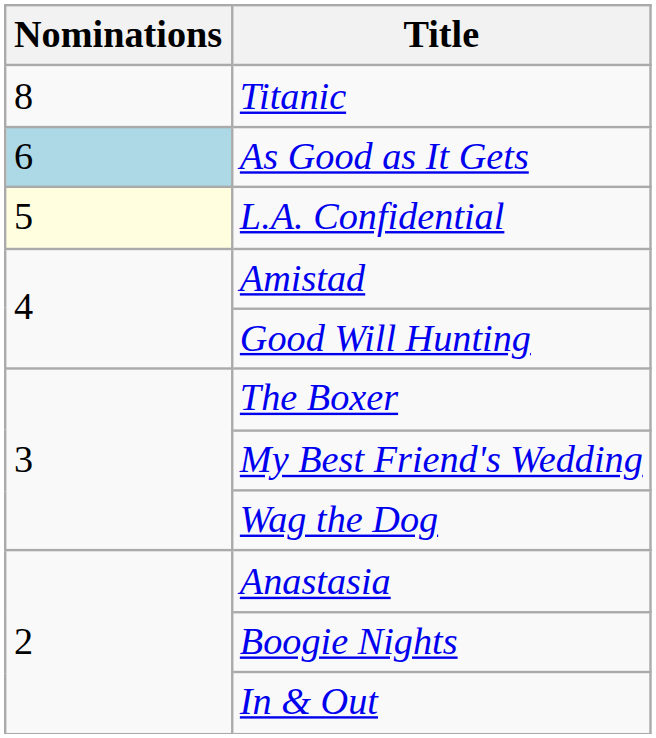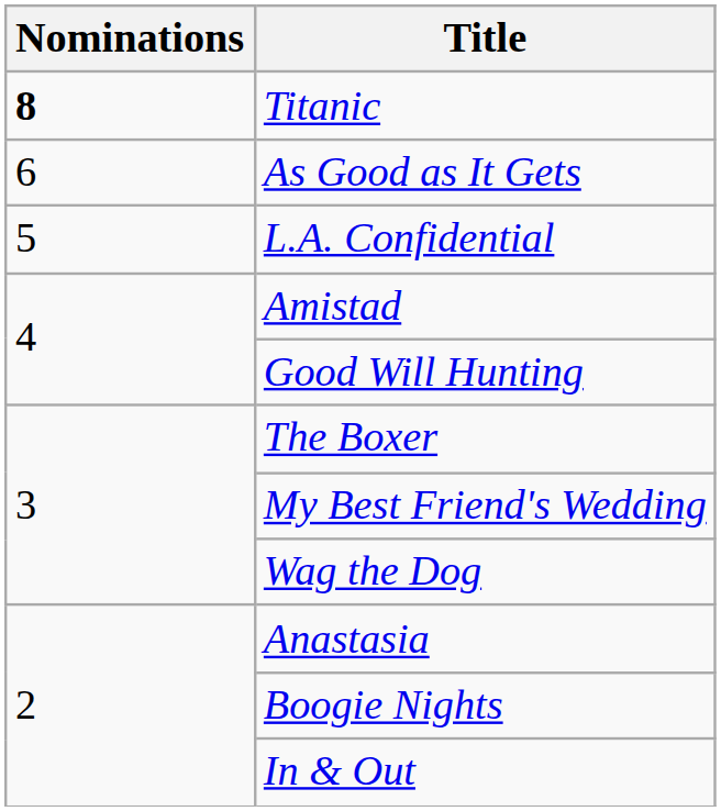 <table class="wikitable">
 <tr>
 <th>Nominations</th>
 <th>Title</th>
 </tr>
 <tr>
-<td>8</td>
+<td><strong>8</strong></td>
 <td><em><a href='#'>Titanic</a></em></td>
 </tr>
 <tr>
-<td style="background: lightblue;">6</td>
+<td>6</td>
 <td><em><a href='#'>As Good as It Gets</a></em></td>
 </tr>
 <tr>
-<td style="background: lightyellow;">5</td>
+<td>5</td>
 <td><em><a href='#'>L.A. Confidential</a></em></td>
 </tr>
 <tr>
 <td rowspan="2">4</td>
 <td><em><a href='#'>Amistad</a></em></td>
 </tr>
 <tr>
 <td><em><a href='#'>Good Will Hunting</a></em></td>
 </tr>
 <tr>
 <td rowspan="3">3</td>
 <td><em><a href='#'>The Boxer</a></em></td>
 </tr>
 <tr>
 <td><em><a href='#'>My Best Friend's Wedding</a></em></td>
 </tr>
 <tr>
 <td><em><a href='#'>Wag the Dog</a></em></td>
 </tr>
 <tr>
 <td rowspan="3">2</td>
 <td><em><a href='#'>Anastasia</a></em></td>
 </tr>
 <tr>
 <td><em><a href='#'>Boogie Nights</a></em></td>
 </tr>
 <tr>
 <td><em><a href='#'>In & Out</a></em></td>
 </tr>
 </table>
